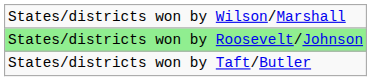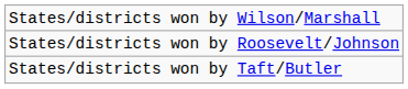 <table class="wikitable">
 <tr>
 <td>States/districts won by <a href='#'>Wilson</a>/<a href='#'>Marshall</a></td>
 </tr>
 <tr>
-<td style="background: lightgreen;">States/districts won by <a href='#'>Roosevelt</a>/<a href='#'>Johnson</a></td>
+<td>States/districts won by <a href='#'>Roosevelt</a>/<a href='#'>Johnson</a></td>
 </tr>
 <tr>
 <td>States/districts won by <a href='#'>Taft</a>/<a href='#'>Butler</a></td>
 </tr>
 </table>
